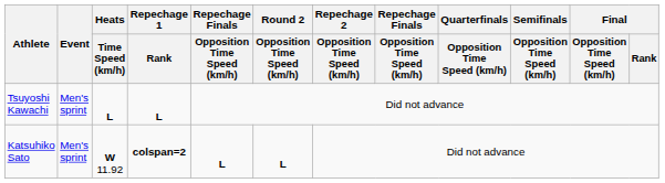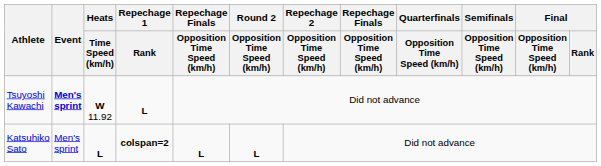 <table class="wikitable" style="font-size:90%">
 <tr>
 <th rowspan="2">Athlete</th>
 <th rowspan="2">Event</th>
 <th>Heats</th>
 <th>Repechage 1</th>
 <th>Repechage Finals</th>
 <th>Round 2</th>
 <th>Repechage 2</th>
 <th>Repechage Finals</th>
 <th>Quarterfinals</th>
 <th>Semifinals</th>
 <th colspan=2>Final</th>
 </tr>
 <tr style="font-size:95%">
 <th>Time<br>Speed (km/h)</th>
 <th>Rank</th>
 <th>Opposition<br>Time<br>Speed (km/h)</th>
 <th>Opposition<br>Time<br>Speed (km/h)</th>
 <th>Opposition<br>Time<br>Speed (km/h)</th>
 <th>Opposition<br>Time<br>Speed (km/h)</th>
 <th>Opposition<br>Time<br>Speed (km/h)</th>
 <th>Opposition<br>Time<br>Speed (km/h)</th>
 <th>Opposition<br>Time<br>Speed (km/h)</th>
 <th>Rank</th>
 </tr>
 <tr align=center>
 <td align=left><a href='#'>Tsuyoshi Kawachi</a></td>
-<td align=left><a href='#'>Men's sprint</a></td>
-<td><br><br><strong>L</strong></td>
+<td align=left><strong><a href='#'>Men's sprint</a></strong></td>
+<td><br><br><strong>W</strong> 	11.92</td>
 <td><br><br><strong>L</strong></td>
 <td colspan=8>Did not advance</td>
 </tr>
 <tr align=center>
 <td align=left><a href='#'>Katsuhiko Sato</a></td>
 <td align=left><a href='#'>Men's sprint</a></td>
-<td><br><br><strong>W</strong> 	11.92</td>
+<td><br><br><strong>L</strong></td>
 <td><strong>colspan=2 </strong></td>
 <td><br><br><strong>L</strong></td>
 <td><br><br><strong>L</strong></td>
 <td colspan=8>Did not advance</td>
 </tr>
 </table>
